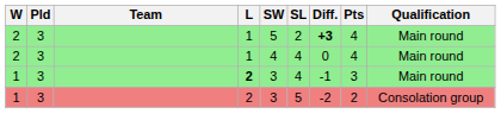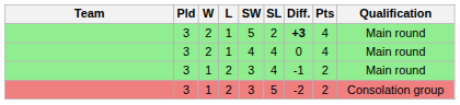 <table class=wikitable style="text-align:center">
 <tr>
+<th width=220>Team</th>
+<th width=20>Pld</th>
 <th width=20>W</th>
-<th width=20>Pld</th>
-<th width=220>Team</th>
 <th width=20>L</th>
 <th width=20>SW</th>
 <th width=20>SL</th>
 <th width=20>Diff.</th>
 <th width=20>Pts</th>
 <th width=150>Qualification</th>
 </tr>
 <tr bgcolor=90EE90>
+<td align=left></td>
+<td>3</td>
 <td>2</td>
-<td>3</td>
-<td align=left></td>
 <td>1</td>
 <td>5</td>
 <td>2</td>
 <td><strong>+3</strong></td>
 <td>4</td>
 <td>Main round</td>
 </tr>
 <tr bgcolor=90EE90>
+<td align=left></td>
+<td>3</td>
 <td>2</td>
-<td>3</td>
-<td align=left></td>
 <td>1</td>
 <td>4</td>
 <td>4</td>
 <td>0</td>
 <td>4</td>
 <td>Main round</td>
 </tr>
 <tr bgcolor=90EE90>
+<td align=left></td>
+<td>3</td>
 <td>1</td>
-<td>3</td>
-<td align=left></td>
-<td><strong>2</strong></td>
+<td>2</td>
 <td>3</td>
 <td>4</td>
 <td>-1</td>
-<td>3</td>
+<td>2</td>
 <td>Main round</td>
 </tr>
 <tr bgcolor=F08080>
+<td align=left></td>
+<td>3</td>
 <td>1</td>
-<td>3</td>
-<td align=left></td>
 <td>2</td>
 <td>3</td>
 <td>5</td>
 <td>-2</td>
 <td>2</td>
 <td>Consolation group</td>
 </tr>
 </table>
